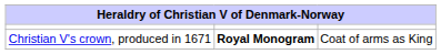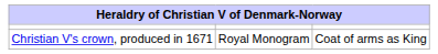 <table class="wikitable" style="font-size:88%; background:white; text-align:center; margin:0.5em auto;">
 <tr>
 <th style="background:#ccccff;" colspan=3>Heraldry of Christian V of Denmark-Norway</th>
 </tr>
 <tr>
 <td></td>
 <td></td>
 <td></td>
 </tr>
 <tr>
 <td><a href='#'>Christian V's crown</a>, produced in 1671</td>
-<td><strong>Royal Monogram</strong></td>
+<td>Royal Monogram</td>
 <td>Coat of arms as King</td>
 </tr>
 </table>
